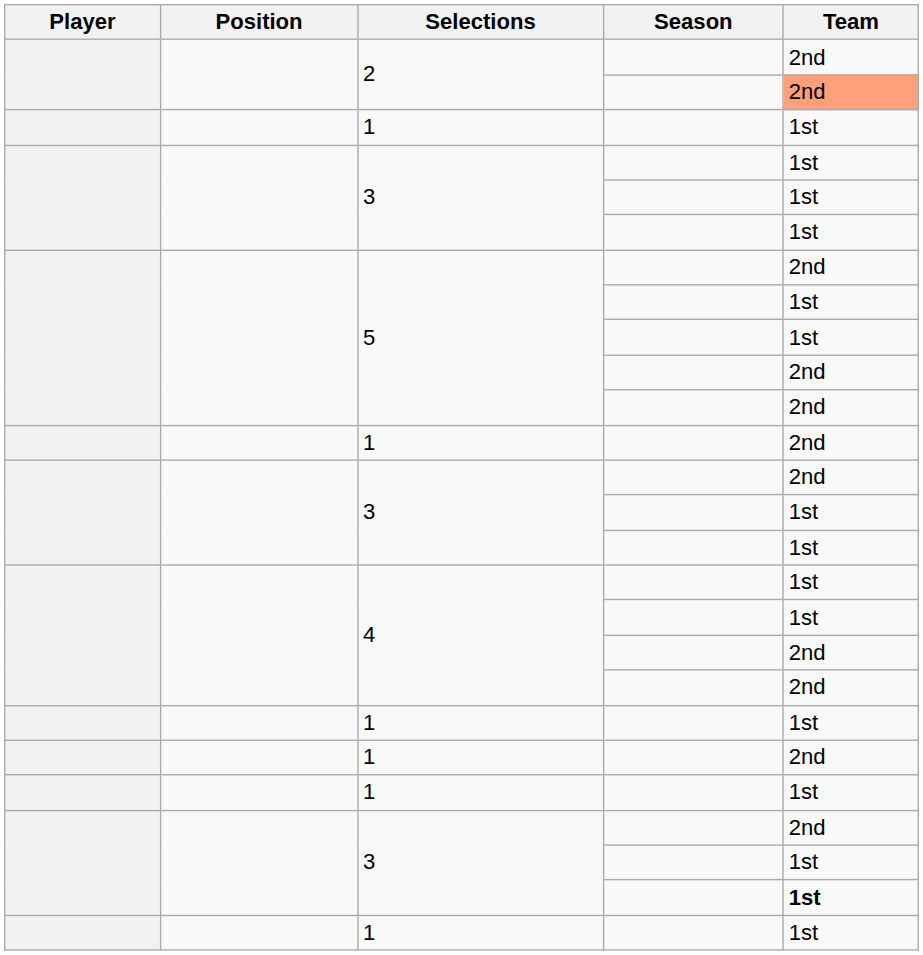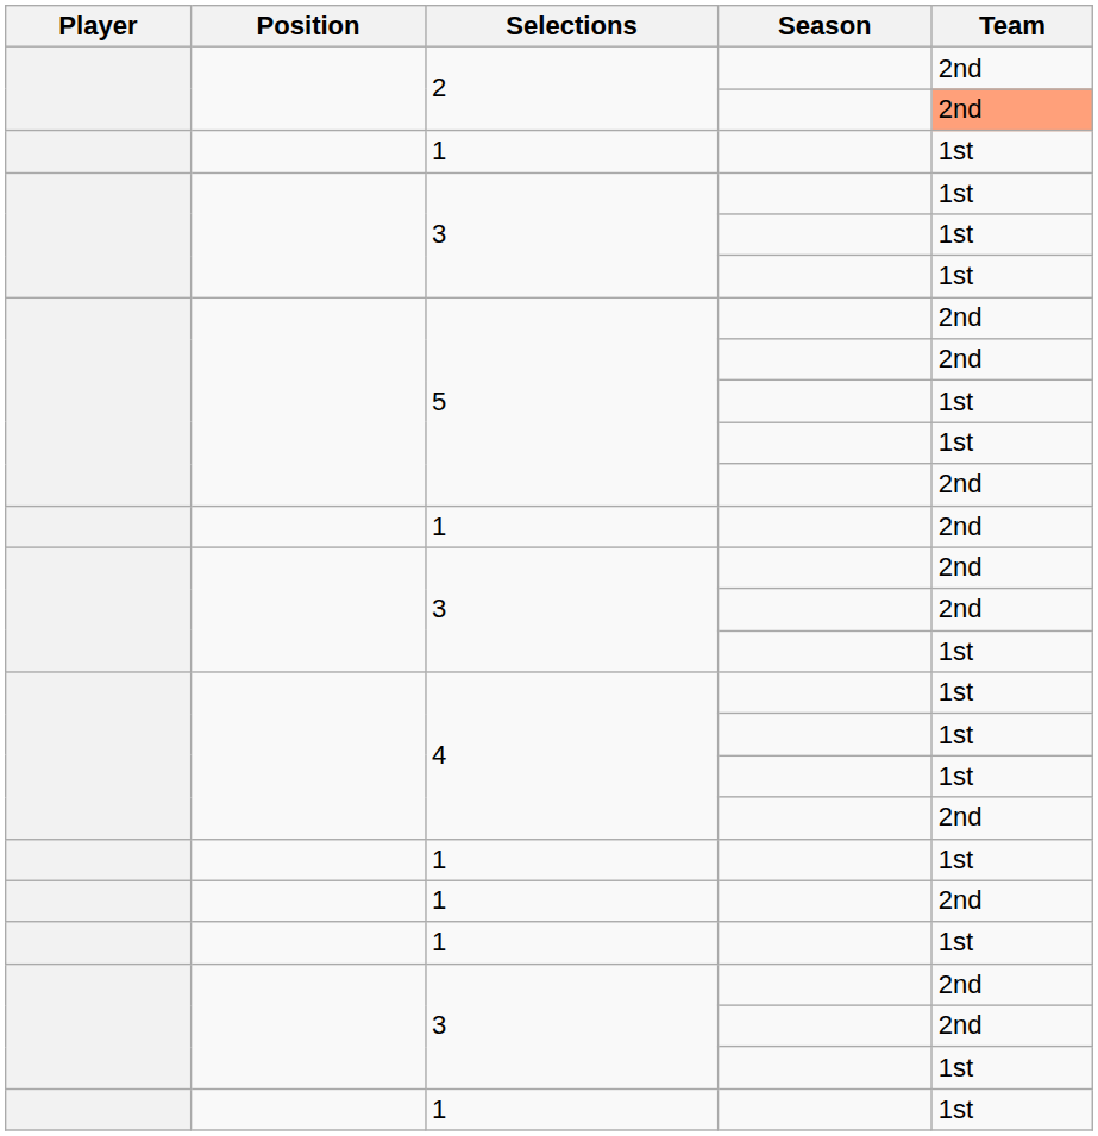 <table class="wikitable sortable" width="75%">
 <tr>
 <th scope="col">Player</th>
 <th scope="col">Position</th>
 <th scope="col">Selections</th>
 <th scope="col">Season</th>
 <th scope="col">Team</th>
 </tr>
 <tr>
 <th scope="row" rowspan="2"></th>
 <td rowspan="2"></td>
 <td rowspan="2">2</td>
 <td></td>
 <td>2nd</td>
 </tr>
 <tr>
 <td></td>
 <td style="background: lightsalmon;">2nd</td>
 </tr>
 <tr>
 <th scope="row"></th>
 <td></td>
 <td>1</td>
 <td></td>
 <td>1st</td>
 </tr>
 <tr>
 <th scope="row" rowspan="3"></th>
 <td rowspan="3"></td>
 <td rowspan="3">3</td>
 <td></td>
 <td>1st</td>
 </tr>
 <tr>
 <td></td>
 <td>1st</td>
 </tr>
 <tr>
 <td></td>
 <td>1st</td>
 </tr>
 <tr>
 <th scope="row" rowspan="5"></th>
 <td rowspan="5"></td>
 <td rowspan="5">5</td>
 <td></td>
 <td>2nd</td>
 </tr>
 <tr>
 <td></td>
-<td>1st</td>
+<td>2nd</td>
 </tr>
 <tr>
 <td></td>
 <td>1st</td>
 </tr>
 <tr>
 <td></td>
-<td>2nd</td>
+<td>1st</td>
 </tr>
 <tr>
 <td></td>
 <td>2nd</td>
 </tr>
 <tr>
 <th scope="row"></th>
 <td></td>
 <td>1</td>
 <td></td>
 <td>2nd</td>
 </tr>
 <tr>
 <th scope="row" rowspan=3></th>
 <td rowspan=3></td>
 <td rowspan=3>3</td>
 <td></td>
 <td>2nd</td>
 </tr>
 <tr>
 <td></td>
-<td>1st</td>
+<td>2nd</td>
 </tr>
 <tr>
 <td></td>
 <td>1st</td>
 </tr>
 <tr>
 <th scope="row" rowspan="4"></th>
 <td rowspan="4"></td>
 <td rowspan="4">4</td>
 <td></td>
 <td>1st</td>
 </tr>
 <tr>
 <td></td>
 <td>1st</td>
 </tr>
 <tr>
 <td></td>
-<td>2nd</td>
+<td>1st</td>
 </tr>
 <tr>
 <td></td>
 <td>2nd</td>
 </tr>
 <tr>
 <th scope="row"></th>
 <td></td>
 <td>1</td>
 <td></td>
 <td>1st</td>
 </tr>
 <tr>
 <th scope="row"></th>
 <td></td>
 <td>1</td>
 <td></td>
 <td>2nd</td>
 </tr>
 <tr>
 <th scope="row"></th>
 <td></td>
 <td>1</td>
 <td></td>
 <td>1st</td>
 </tr>
 <tr>
 <th scope="row" rowspan="3"></th>
 <td rowspan="3"></td>
 <td rowspan="3">3</td>
 <td></td>
 <td>2nd</td>
 </tr>
 <tr>
 <td></td>
-<td>1st</td>
+<td>2nd</td>
 </tr>
 <tr>
 <td></td>
-<td><strong>1st</strong></td>
+<td>1st</td>
 </tr>
 <tr>
 <th scope="row"></th>
 <td></td>
 <td>1</td>
 <td></td>
 <td>1st</td>
 </tr>
 </table>
